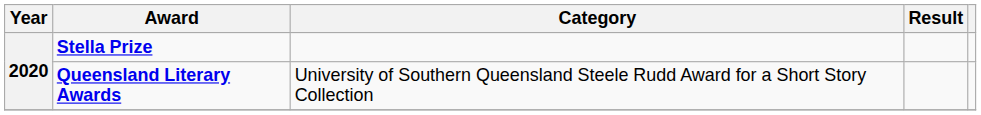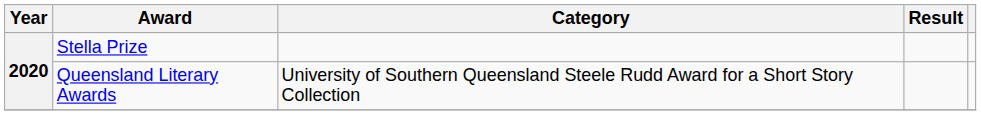 <table class="wikitable sortable">
 <tr>
 <th>Year</th>
 <th>Award</th>
 <th>Category</th>
 <th>Result</th>
 <th></th>
 </tr>
 <tr>
 <th rowspan="2">2020</th>
-<td><strong><a href='#'>Stella Prize</a></strong></td>
+<td><a href='#'>Stella Prize</a></td>
 <td></td>
 <td></td>
 <td></td>
 </tr>
 <tr>
-<td><strong><a href='#'>Queensland Literary Awards</a></strong></td>
+<td><a href='#'>Queensland Literary Awards</a></td>
 <td>University of Southern Queensland Steele Rudd Award for a Short Story Collection</td>
 <td></td>
 <td></td>
 </tr>
 <tr>
 </tr>
 </table>
